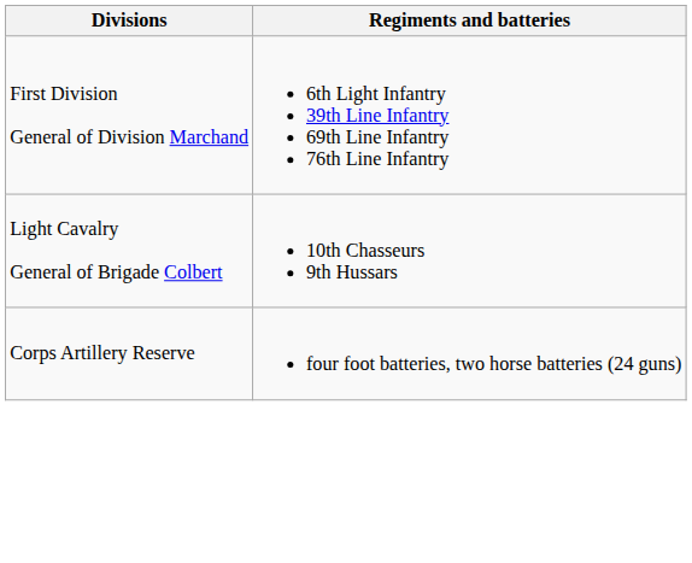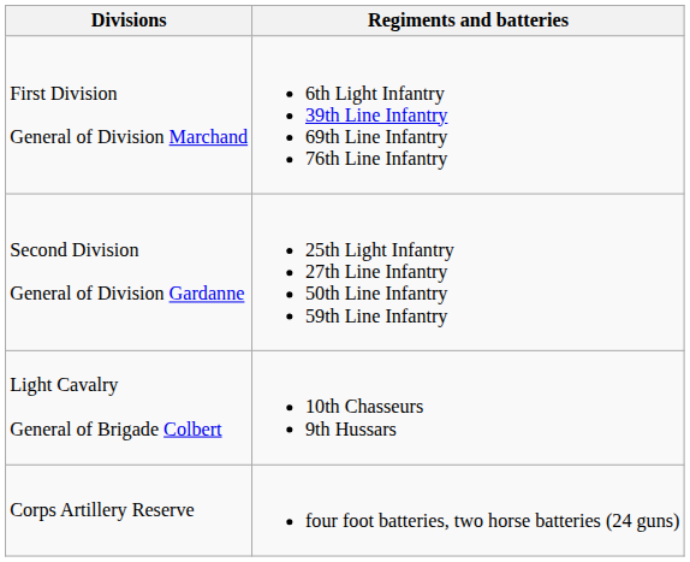 <table class="wikitable">
 <tr>
 <th><strong>Divisions</strong></th>
 <th><strong>Regiments and batteries</strong></th>
 </tr>
 <tr>
 <td>First Division<br><br> General of Division <a href='#'>Marchand</a></td>
 <td><br><ul><li>6th Light Infantry</li><li><a href='#'>39th Line Infantry</a></li><li>69th Line Infantry</li><li>76th Line Infantry</li></ul></td>
 </tr>
 <tr>
+<td>Second Division<br><br> General of Division <a href='#'>Gardanne</a></td>
+<td><br><ul><li>25th Light Infantry</li><li>27th Line Infantry</li><li>50th Line Infantry</li><li>59th Line Infantry</li></ul></td>
+</tr>
+<tr>
 <td>Light Cavalry<br><br> General of Brigade <a href='#'>Colbert</a></td>
 <td><br><ul><li>10th Chasseurs</li><li>9th Hussars</li></ul></td>
 </tr>
 <tr>
 <td>Corps Artillery Reserve</td>
 <td><br><ul><li>four foot batteries, two horse batteries (24 guns)</li></ul></td>
 </tr>
 </table>
